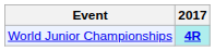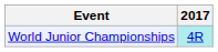 <table class="wikitable" style="font-size: 90%; text-align:center">
 <tr>
 <th>Event</th>
 <th>2017</th>
 </tr>
 <tr>
 <td bgcolor="#ECF2FF"; align="left"><a href='#'>World Junior Championships</a></td>
-<td bgcolor=AFEEEE><strong><a href='#'>4R</a></strong></td>
+<td bgcolor=AFEEEE><a href='#'>4R</a></td>
 </tr>
 </table>
